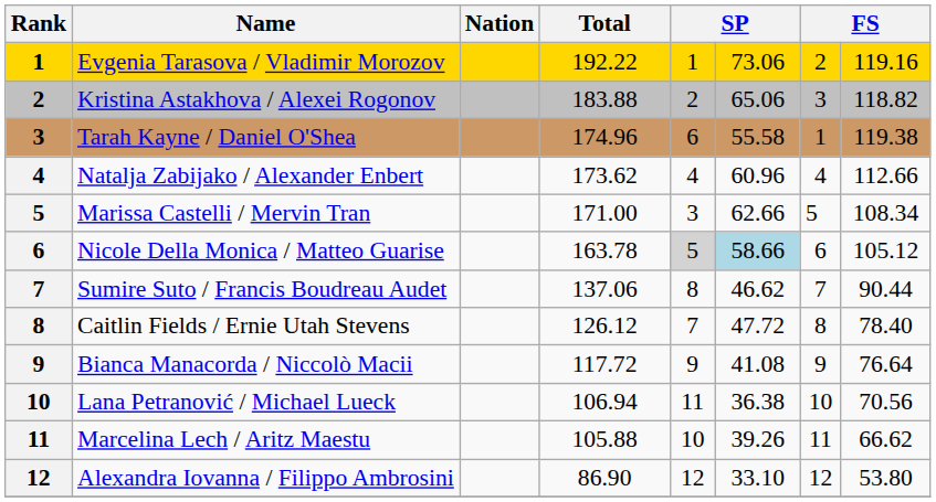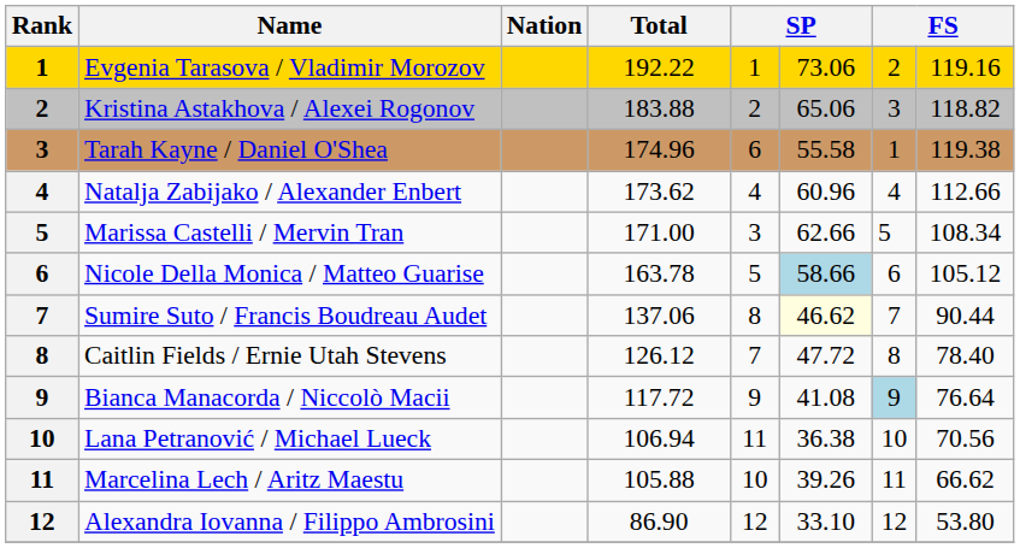 <table class="wikitable sortable">
 <tr>
 <th>Rank</th>
 <th>Name</th>
 <th>Nation</th>
 <th width="80px">Total</th>
 <th colspan="2" width="80px"><a href='#'>SP</a></th>
 <th colspan="2" width="80px"><a href='#'>FS</a></th>
 </tr>
 <tr bgcolor="gold">
 <td align="center"><strong>1</strong></td>
 <td><a href='#'>Evgenia Tarasova</a> / <a href='#'>Vladimir Morozov</a></td>
 <td></td>
 <td align="center">192.22</td>
 <td align="center">1</td>
 <td align="center">73.06</td>
 <td align="center">2</td>
 <td align="center">119.16</td>
 </tr>
 <tr bgcolor="silver">
 <td align="center"><strong>2</strong></td>
 <td><a href='#'>Kristina Astakhova</a> / <a href='#'>Alexei Rogonov</a></td>
 <td></td>
 <td align="center">183.88</td>
 <td align="center">2</td>
 <td align="center">65.06</td>
 <td align="center">3</td>
 <td align="center">118.82</td>
 </tr>
 <tr bgcolor="cc9966">
 <td align="center"><strong>3</strong></td>
 <td><a href='#'>Tarah Kayne</a> / <a href='#'>Daniel O'Shea</a></td>
 <td></td>
 <td align="center">174.96</td>
 <td align="center">6</td>
 <td align="center">55.58</td>
 <td align="center">1</td>
 <td align="center">119.38</td>
 </tr>
 <tr>
 <th>4</th>
 <td><a href='#'>Natalja Zabijako</a> / <a href='#'>Alexander Enbert</a></td>
 <td></td>
 <td align="center">173.62</td>
 <td align="center">4</td>
 <td align="center">60.96</td>
 <td align="center">4</td>
 <td align="center">112.66</td>
 </tr>
 <tr>
 <th>5</th>
 <td><a href='#'>Marissa Castelli</a> / <a href='#'>Mervin Tran</a></td>
 <td></td>
 <td align="center">171.00</td>
 <td align="center">3</td>
 <td align="center">62.66</td>
 <td align="">5</td>
 <td align="center">108.34</td>
 </tr>
 <tr>
 <th>6</th>
 <td><a href='#'>Nicole Della Monica</a> / <a href='#'>Matteo Guarise</a></td>
 <td></td>
 <td align="center">163.78</td>
-<td align="center" style="background: lightgrey;">5</td>
+<td align="center">5</td>
 <td align="center" style="background: lightblue;">58.66</td>
 <td align="center">6</td>
 <td align="center">105.12</td>
 </tr>
 <tr>
 <th>7</th>
 <td><a href='#'>Sumire Suto</a> / <a href='#'>Francis Boudreau Audet</a></td>
 <td></td>
 <td align="center">137.06</td>
 <td align="center">8</td>
-<td align="center">46.62</td>
+<td align="center" style="background: lightyellow;">46.62</td>
 <td align="center">7</td>
 <td align="center">90.44</td>
 </tr>
 <tr>
 <th>8</th>
 <td>Caitlin Fields / Ernie Utah Stevens</td>
 <td></td>
 <td align="center">126.12</td>
 <td align="center">7</td>
 <td align="center">47.72</td>
 <td align="center">8</td>
 <td align="center">78.40</td>
 </tr>
 <tr>
 <th>9</th>
 <td><a href='#'>Bianca Manacorda</a> / <a href='#'>Niccolò Macii</a></td>
 <td></td>
 <td align="center">117.72</td>
 <td align="center">9</td>
 <td align="center">41.08</td>
-<td align="center">9</td>
+<td align="center" style="background: lightblue;">9</td>
 <td align="center">76.64</td>
 </tr>
 <tr>
 <th>10</th>
 <td><a href='#'>Lana Petranović</a> / <a href='#'>Michael Lueck</a></td>
 <td></td>
 <td align="center">106.94</td>
 <td align="center">11</td>
 <td align="center">36.38</td>
 <td align="center">10</td>
 <td align="center">70.56</td>
 </tr>
 <tr>
 <th>11</th>
 <td><a href='#'>Marcelina Lech</a> / <a href='#'>Aritz Maestu</a></td>
 <td></td>
 <td align="center">105.88</td>
 <td align="center">10</td>
 <td align="center">39.26</td>
 <td align="center">11</td>
 <td align="center">66.62</td>
 </tr>
 <tr>
 <th>12</th>
 <td><a href='#'>Alexandra Iovanna</a> / <a href='#'>Filippo Ambrosini</a></td>
 <td></td>
 <td align="center">86.90</td>
 <td align="center">12</td>
 <td align="center">33.10</td>
 <td align="center">12</td>
 <td align="center">53.80</td>
 </tr>
 <tr>
 </tr>
 </table>
